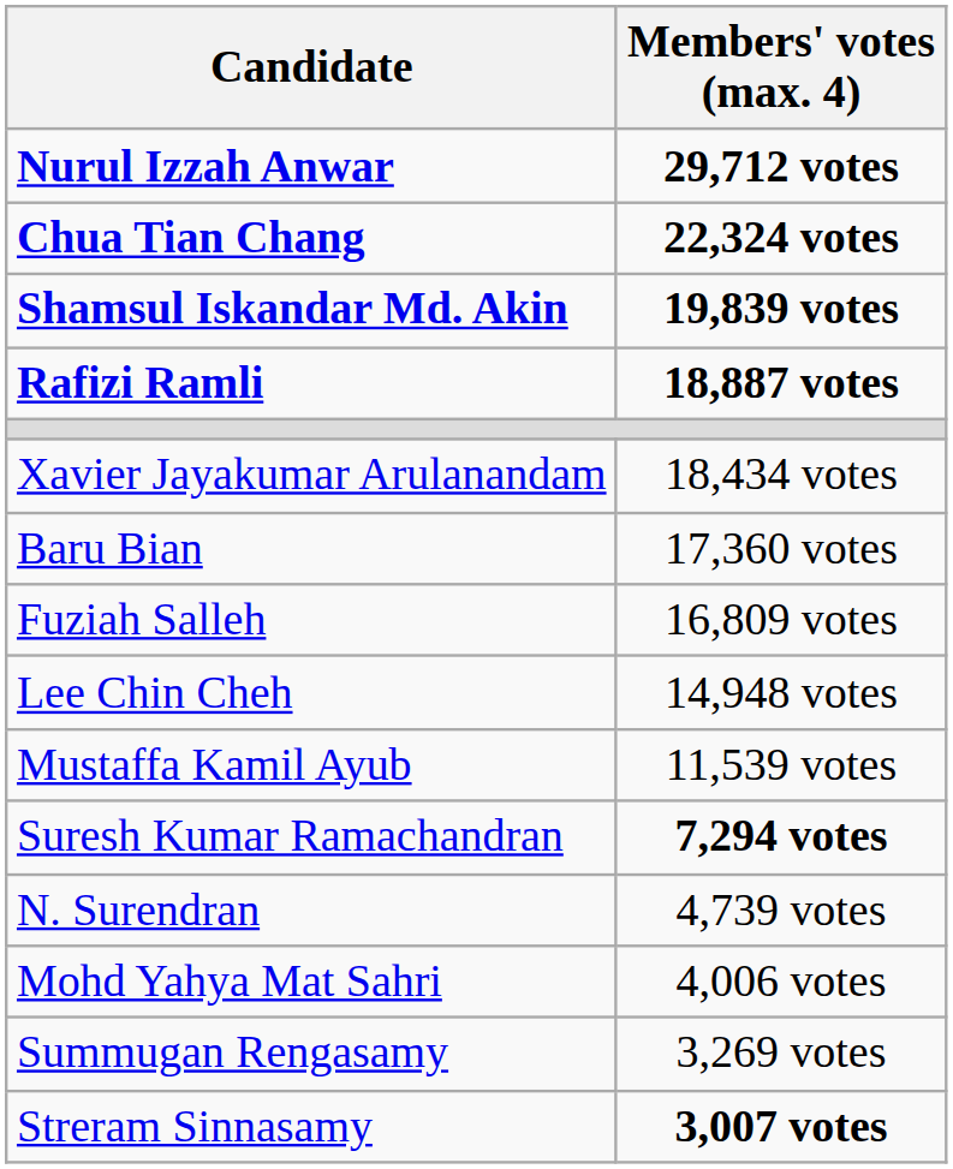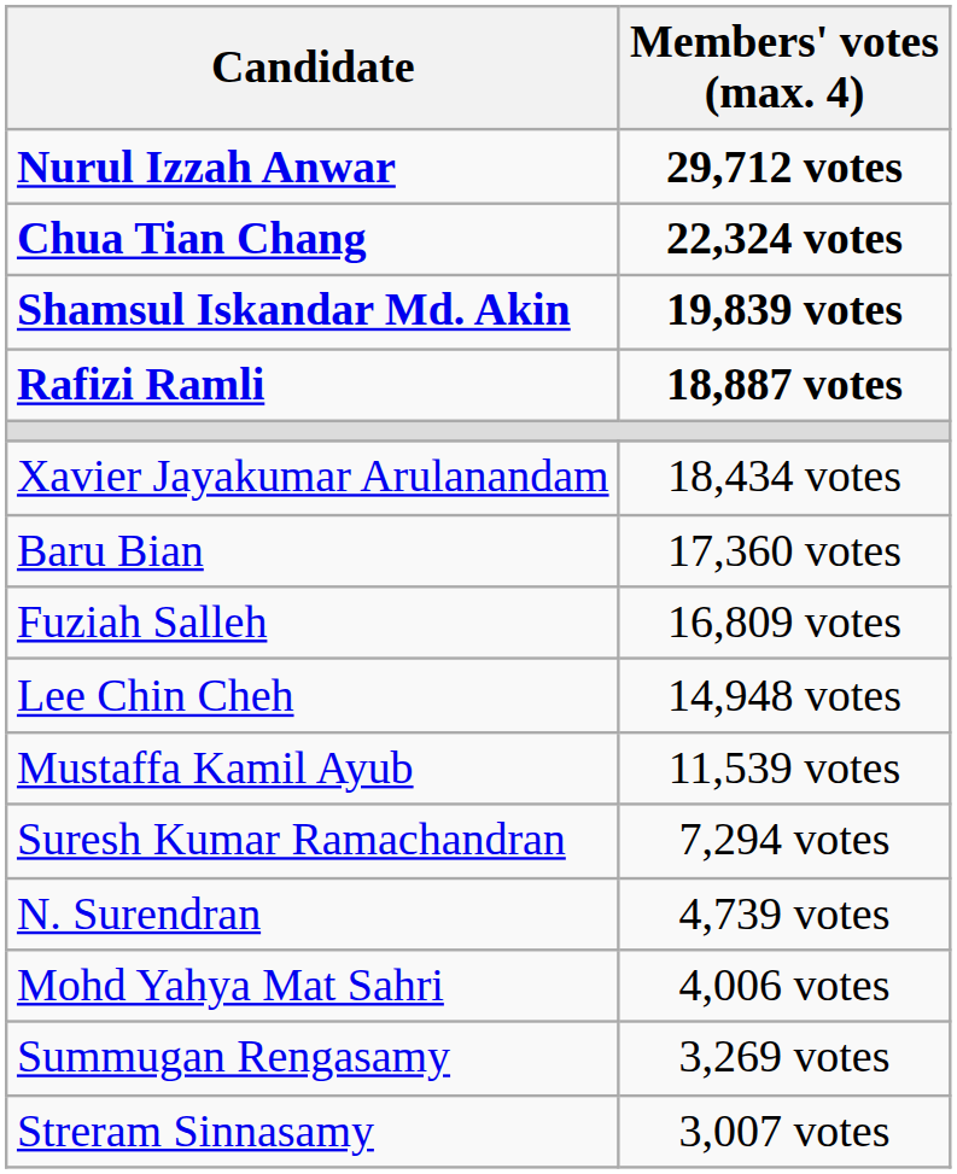 <table class=wikitable style=text-align:center>
 <tr>
 <th>Candidate</th>
 <th>Members' votes<br>(max. 4)</th>
 </tr>
 <tr>
 <td align=left><strong><a href='#'>Nurul Izzah Anwar</a></strong></td>
 <td><strong>29,712 votes</strong></td>
 </tr>
 <tr>
 <td align=left><strong><a href='#'>Chua Tian Chang</a></strong></td>
 <td><strong>22,324 votes</strong></td>
 </tr>
 <tr>
 <td align=left><strong><a href='#'>Shamsul Iskandar Md. Akin</a></strong></td>
 <td><strong>19,839 votes</strong></td>
 </tr>
 <tr>
 <td align=left><strong><a href='#'>Rafizi Ramli</a></strong></td>
 <td><strong>18,887 votes</strong></td>
 </tr>
 <tr>
 <td colspan=3 bgcolor=dcdcdc></td>
 </tr>
 <tr>
 <td align=left><a href='#'>Xavier Jayakumar Arulanandam</a></td>
 <td>18,434 votes</td>
 </tr>
 <tr>
 <td align=left><a href='#'>Baru Bian</a></td>
 <td>17,360 votes</td>
 </tr>
 <tr>
 <td align=left><a href='#'>Fuziah Salleh</a></td>
 <td>16,809 votes</td>
 </tr>
 <tr>
 <td align=left><a href='#'>Lee Chin Cheh</a></td>
 <td>14,948 votes</td>
 </tr>
 <tr>
 <td align=left><a href='#'>Mustaffa Kamil Ayub</a></td>
 <td>11,539 votes</td>
 </tr>
 <tr>
 <td align=left><a href='#'>Suresh Kumar Ramachandran</a></td>
-<td><strong>7,294 votes</strong></td>
+<td>7,294 votes</td>
 </tr>
 <tr>
 <td align=left><a href='#'>N. Surendran</a></td>
 <td>4,739 votes</td>
 </tr>
 <tr>
 <td align=left><a href='#'>Mohd Yahya Mat Sahri</a></td>
 <td>4,006 votes</td>
 </tr>
 <tr>
 <td align=left><a href='#'>Summugan Rengasamy</a></td>
 <td>3,269 votes</td>
 </tr>
 <tr>
 <td align=left><a href='#'>Streram Sinnasamy</a></td>
-<td><strong>3,007 votes</strong></td>
+<td>3,007 votes</td>
 </tr>
 </table>
